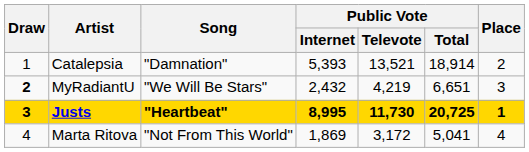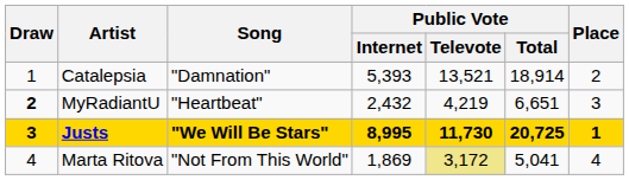 <table class="sortable wikitable" style="margin: 1em auto 1em auto; text-align:center;">
 <tr>
 <th rowspan="2">Draw</th>
 <th rowspan="2">Artist</th>
 <th rowspan="2">Song</th>
 <th colspan="3" class="unsortable">Public Vote</th>
 <th rowspan="2">Place</th>
 </tr>
 <tr>
 <th>Internet</th>
 <th>Televote</th>
 <th>Total</th>
 </tr>
 <tr>
 <td>1</td>
 <td align="left">Catalepsia</td>
 <td align="left">"Damnation"</td>
 <td>5,393</td>
 <td>13,521</td>
 <td>18,914</td>
 <td>2</td>
 </tr>
 <tr>
 <td><strong>2</strong></td>
 <td align="left">MyRadiantU</td>
-<td align="left">"We Will Be Stars"</td>
+<td align="left">"Heartbeat"</td>
 <td>2,432</td>
 <td>4,219</td>
 <td>6,651</td>
 <td>3</td>
 </tr>
 <tr style="font-weight:bold; background:gold;">
 <td>3</td>
 <td align="left"><a href='#'>Justs</a></td>
-<td align="left">"Heartbeat"</td>
+<td align="left">"We Will Be Stars"</td>
 <td>8,995</td>
 <td>11,730</td>
 <td>20,725</td>
 <td>1</td>
 </tr>
 <tr>
 <td>4</td>
 <td align="left">Marta Ritova</td>
 <td align="left">"Not From This World"</td>
 <td>1,869</td>
-<td>3,172</td>
+<td style="background: khaki;">3,172</td>
 <td>5,041</td>
 <td>4</td>
 </tr>
 </table>
